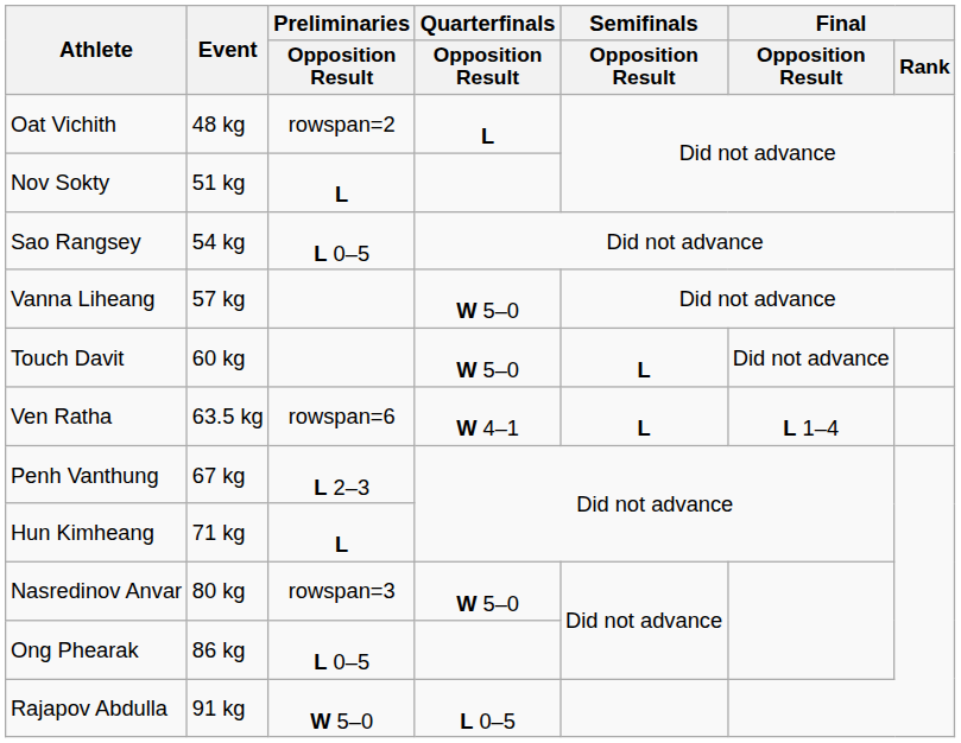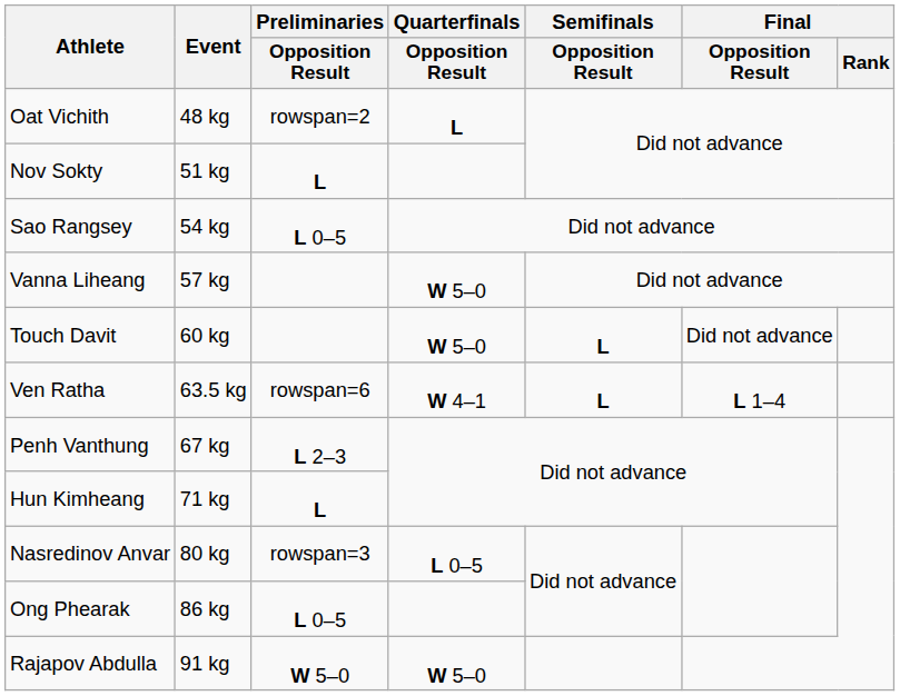 <table class=wikitable style=font-size:90%;text-align:center>
 <tr>
 <th rowspan="2">Athlete</th>
 <th rowspan="2">Event</th>
 <th>Preliminaries</th>
 <th>Quarterfinals</th>
 <th>Semifinals</th>
 <th colspan=2>Final</th>
 </tr>
 <tr style="font-size:95%">
 <th>Opposition<br>Result</th>
 <th>Opposition<br>Result</th>
 <th>Opposition<br>Result</th>
 <th>Opposition<br>Result</th>
 <th>Rank</th>
 </tr>
 <tr>
 <td align=left>Oat Vichith</td>
 <td align=left>48 kg</td>
 <td>rowspan=2 </td>
 <td><br><strong>L</strong> </td>
 <td rowspan=2 colspan=3>Did not advance</td>
 </tr>
 <tr>
 <td align=left>Nov Sokty</td>
 <td align=left>51 kg</td>
 <td><br><strong>L</strong> </td>
 </tr>
 <tr>
 <td align=left>Sao Rangsey</td>
 <td align=left>54 kg</td>
 <td><br><strong>L</strong> 0–5</td>
 <td colspan=4>Did not advance</td>
 </tr>
 <tr>
 <td align=left>Vanna Liheang</td>
 <td align=left>57 kg</td>
 <td></td>
 <td><br><strong>W</strong> 5–0</td>
 <td colspan=3>Did not advance</td>
 </tr>
 <tr>
 <td align=left>Touch Davit</td>
 <td align=left>60 kg</td>
 <td></td>
 <td><br><strong>W</strong> 5–0</td>
 <td><br><strong>L</strong> </td>
 <td>Did not advance</td>
 <td></td>
 </tr>
 <tr>
 <td align=left>Ven Ratha</td>
 <td align=left>63.5 kg</td>
 <td>rowspan=6 </td>
 <td><br><strong>W</strong> 4–1</td>
 <td><br><strong>L</strong> </td>
 <td><br><strong>L</strong> 1–4</td>
 <td></td>
 </tr>
 <tr>
 <td align=left>Penh Vanthung</td>
 <td align=left>67 kg</td>
 <td><br><strong>L</strong> 2–3</td>
 <td rowspan=2 colspan=3>Did not advance</td>
 </tr>
 <tr>
 <td align=left>Hun Kimheang</td>
 <td align=left>71 kg</td>
 <td><br><strong>L</strong> </td>
 </tr>
 <tr>
 <td align=left>Nasredinov Anvar</td>
 <td align=left>80 kg</td>
 <td>rowspan=3 </td>
-<td><br><strong>W</strong> 5–0</td>
+<td><br><strong>L</strong> 0–5</td>
 <td rowspan=2>Did not advance</td>
 <td rowspan=2></td>
 </tr>
 <tr>
 <td align=left>Ong Phearak</td>
 <td align=left>86 kg</td>
 <td><br><strong>L</strong> 0–5</td>
 </tr>
 <tr>
 <td align=left>Rajapov Abdulla</td>
 <td align=left>91 kg</td>
 <td><br><strong>W</strong> 5–0</td>
-<td><br><strong>L</strong> 0–5</td>
+<td><br><strong>W</strong> 5–0</td>
 <td></td>
 </tr>
 </table>
